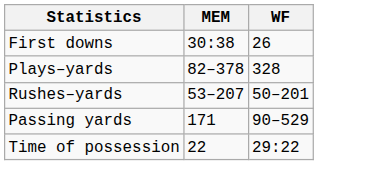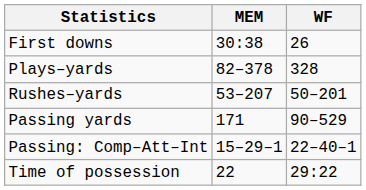 <table class="wikitable">
 <tr>
 <th>Statistics</th>
 <th>MEM</th>
 <th>WF</th>
 </tr>
 <tr>
 <td>First downs</td>
 <td>30:38</td>
 <td>26</td>
 </tr>
 <tr>
 <td>Plays–yards</td>
 <td>82–378</td>
 <td>328</td>
 </tr>
 <tr>
 <td>Rushes–yards</td>
 <td>53–207</td>
 <td>50–201</td>
 </tr>
 <tr>
 <td>Passing yards</td>
 <td>171</td>
 <td>90–529</td>
 </tr>
 <tr>
+<td>Passing: Comp–Att–Int</td>
+<td>15–29–1</td>
+<td>22–40–1</td>
+</tr>
+<tr>
 <td>Time of possession</td>
 <td>22</td>
 <td>29:22</td>
 </tr>
 </table>
